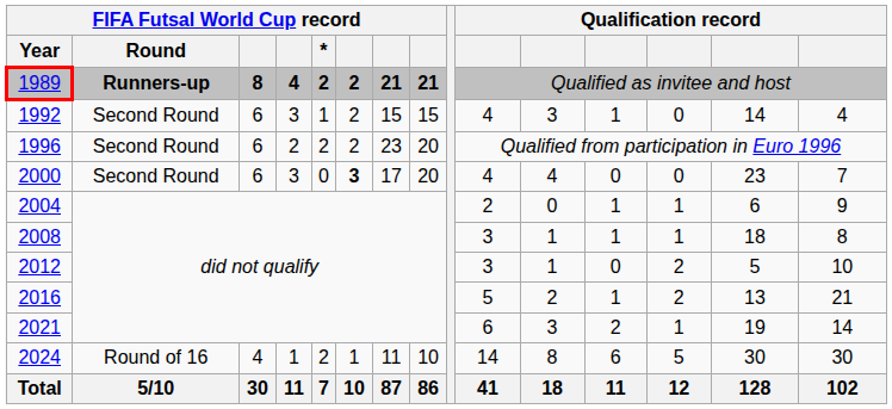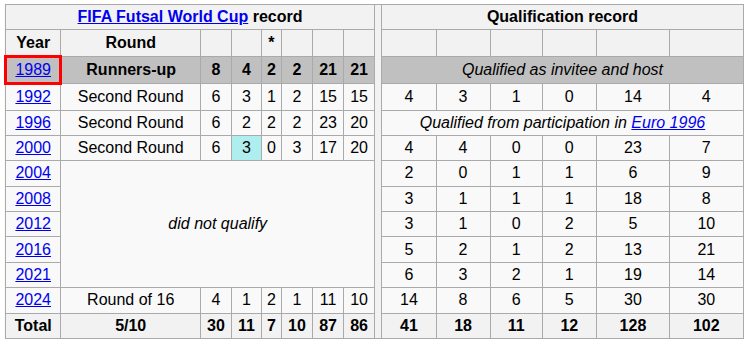 <table class="wikitable" style="text-align:center">
 <tr>
 <th colspan=8><a href='#'>FIFA Futsal World Cup</a> record</th>
 <th style="width:1%" rowspan="39"></th>
 <th colspan=6>Qualification record</th>
 </tr>
 <tr>
 <th>Year</th>
 <th>Round</th>
 <th></th>
 <th></th>
 <th>*</th>
 <th></th>
 <th></th>
 <th></th>
 <th></th>
 <th></th>
 <th></th>
 <th></th>
 <th></th>
 <th></th>
 </tr>
 <tr bgcolor=silver>
 <td style="border: 3px solid red"> <a href='#'>1989</a></td>
 <td><strong>Runners-up</strong></td>
 <td><strong>8</strong></td>
 <td><strong>4</strong></td>
 <td><strong>2</strong></td>
 <td><strong>2</strong></td>
 <td><strong>21</strong></td>
 <td><strong>21</strong></td>
 <td colspan=6><em>Qualified as invitee and host</em></td>
 </tr>
 <tr>
 <td> <a href='#'>1992</a></td>
 <td>Second Round</td>
 <td>6</td>
 <td>3</td>
 <td>1</td>
 <td>2</td>
 <td>15</td>
 <td>15</td>
 <td>4</td>
 <td>3</td>
 <td>1</td>
 <td>0</td>
 <td>14</td>
 <td>4</td>
 </tr>
 <tr>
 <td> <a href='#'>1996</a></td>
 <td>Second Round</td>
 <td>6</td>
 <td>2</td>
 <td>2</td>
 <td>2</td>
 <td>23</td>
 <td>20</td>
 <td colspan=6><em>Qualified from participation in <a href='#'>Euro 1996</a></em></td>
 </tr>
 <tr>
 <td> <a href='#'>2000</a></td>
 <td>Second Round</td>
 <td>6</td>
+<td style="background: paleturquoise;">3</td>
+<td>0</td>
 <td>3</td>
-<td>0</td>
-<td><strong>3</strong></td>
 <td>17</td>
 <td>20</td>
 <td>4</td>
 <td>4</td>
 <td>0</td>
 <td>0</td>
 <td>23</td>
 <td>7</td>
 </tr>
 <tr>
 <td> <a href='#'>2004</a></td>
 <td colspan=7 rowspan=5><em>did not qualify</em></td>
 <td>2</td>
 <td>0</td>
 <td>1</td>
 <td>1</td>
 <td>6</td>
 <td>9</td>
 </tr>
 <tr>
 <td> <a href='#'>2008</a></td>
 <td>3</td>
 <td>1</td>
 <td>1</td>
 <td>1</td>
 <td>18</td>
 <td>8</td>
 </tr>
 <tr>
 <td> <a href='#'>2012</a></td>
 <td>3</td>
 <td>1</td>
 <td>0</td>
 <td>2</td>
 <td>5</td>
 <td>10</td>
 </tr>
 <tr>
 <td> <a href='#'>2016</a></td>
 <td>5</td>
 <td>2</td>
 <td>1</td>
 <td>2</td>
 <td>13</td>
 <td>21</td>
 </tr>
 <tr>
 <td> <a href='#'>2021</a></td>
 <td>6</td>
 <td>3</td>
 <td>2</td>
 <td>1</td>
 <td>19</td>
 <td>14</td>
 </tr>
 <tr>
 <td> <a href='#'>2024</a></td>
 <td>Round of 16</td>
 <td>4</td>
 <td>1</td>
 <td>2</td>
 <td>1</td>
 <td>11</td>
 <td>10</td>
 <td>14</td>
 <td>8</td>
 <td>6</td>
 <td>5</td>
 <td>30</td>
 <td>30</td>
 </tr>
 <tr>
 <th><strong>Total</strong></th>
 <th>5/10</th>
 <th>30</th>
 <th>11</th>
 <th>7</th>
 <th>10</th>
 <th>87</th>
 <th>86</th>
 <th>41</th>
 <th>18</th>
 <th>11</th>
 <th>12</th>
 <th>128</th>
 <th>102</th>
 </tr>
 </table>
